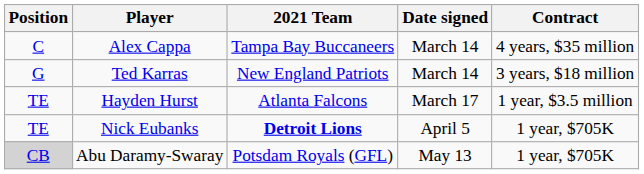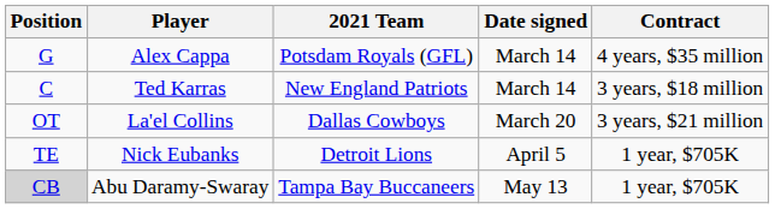 <table class="wikitable" style="text-align:center">
 <tr>
 <th>Position</th>
 <th>Player</th>
 <th>2021 Team</th>
 <th>Date signed</th>
 <th>Contract</th>
 </tr>
 <tr>
-<td><a href='#'>C</a></td>
+<td><a href='#'>G</a></td>
 <td><a href='#'>Alex Cappa</a></td>
-<td><a href='#'>Tampa Bay Buccaneers</a></td>
+<td><a href='#'>Potsdam Royals</a> (<a href='#'>GFL</a>)</td>
 <td>March 14</td>
 <td>4 years, $35 million</td>
 </tr>
 <tr>
-<td><a href='#'>G</a></td>
+<td><a href='#'>C</a></td>
 <td><a href='#'>Ted Karras</a></td>
 <td><a href='#'>New England Patriots</a></td>
 <td>March 14</td>
 <td>3 years, $18 million</td>
 </tr>
 <tr>
-<td><a href='#'>TE</a></td>
-<td><a href='#'>Hayden Hurst</a></td>
-<td><a href='#'>Atlanta Falcons</a></td>
-<td>March 17</td>
-<td>1 year, $3.5 million</td>
+<td><a href='#'>OT</a></td>
+<td><a href='#'>La'el Collins</a></td>
+<td><a href='#'>Dallas Cowboys</a></td>
+<td>March 20</td>
+<td>3 years, $21 million</td>
 </tr>
 <tr>
 <td><a href='#'>TE</a></td>
 <td><a href='#'>Nick Eubanks</a></td>
-<td><strong><a href='#'>Detroit Lions</a></strong></td>
+<td><a href='#'>Detroit Lions</a></td>
 <td>April 5</td>
 <td>1 year, $705K</td>
 </tr>
 <tr>
 <td style="background: lightgrey;"><a href='#'>CB</a></td>
 <td>Abu Daramy-Swaray</td>
-<td><a href='#'>Potsdam Royals</a> (<a href='#'>GFL</a>)</td>
+<td><a href='#'>Tampa Bay Buccaneers</a></td>
 <td>May 13</td>
 <td>1 year, $705K</td>
 </tr>
 </table>
